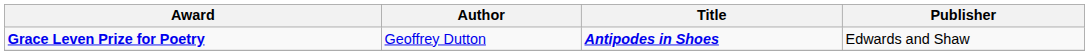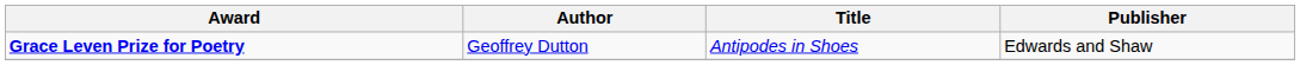 <table class="wikitable" width=95%>
 <tr>
 <th>Award</th>
 <th>Author</th>
 <th>Title</th>
 <th>Publisher</th>
 </tr>
 <tr>
 <td><strong><a href='#'>Grace Leven Prize for Poetry</a></strong></td>
 <td><a href='#'>Geoffrey Dutton</a></td>
-<td><strong><em><a href='#'>Antipodes in Shoes</a></em></strong></td>
+<td><em><a href='#'>Antipodes in Shoes</a></em></td>
 <td>Edwards and Shaw</td>
 </tr>
 <tr>
 </tr>
 </table>
